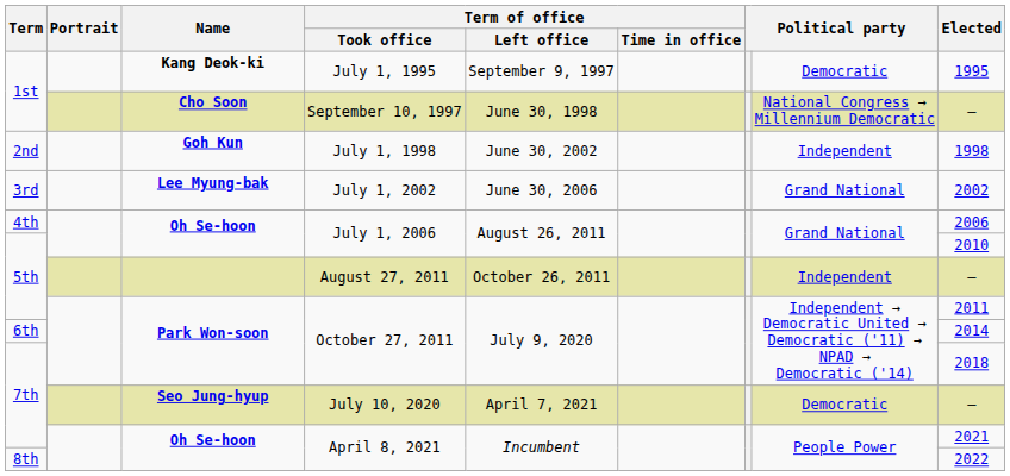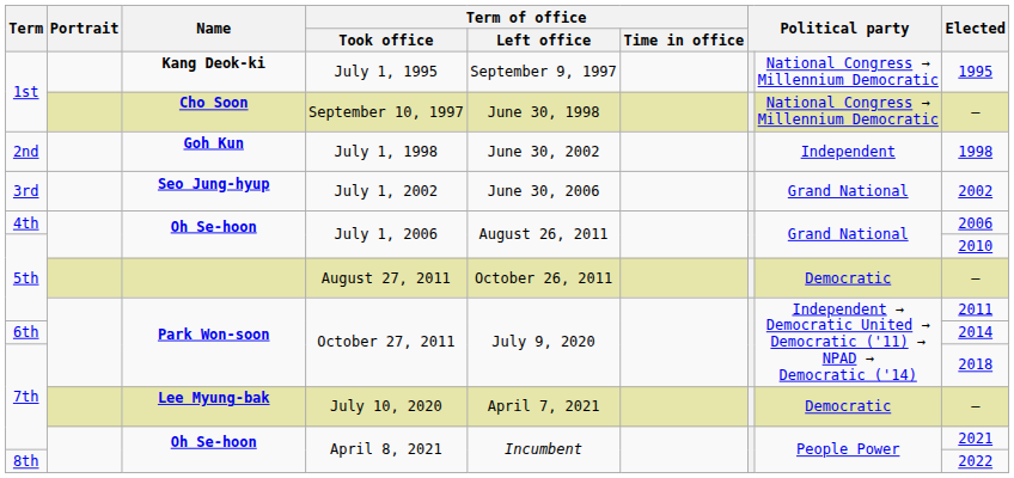 <table class="wikitable" style="text-align:center">
 <tr>
 <th rowspan="2">Term</th>
 <th rowspan="2">Portrait</th>
 <th rowspan="2" width="160">Name<br></th>
 <th colspan="3">Term of office</th>
 <th colspan="2" rowspan="2">Political party</th>
 <th rowspan="2">Elected</th>
 </tr>
 <tr>
 <th>Took office</th>
 <th>Left office</th>
 <th>Time in office</th>
 </tr>
 <tr>
 <td rowspan="2"><a href='#'>1st</a></td>
 <td></td>
 <td><strong>Kang Deok-ki</strong><br><br></td>
 <td>July 1, 1995</td>
 <td>September 9, 1997</td>
 <td></td>
 <th style="background:"></th>
-<td><a href='#'>Democratic</a></td>
+<td><a href='#'>National Congress</a> →<br><a href='#'>Millennium Democratic</a></td>
 <td><a href='#'>1995</a></td>
 </tr>
 <tr style="background:#E6E6AA;">
 <td></td>
 <td><strong><a href='#'>Cho Soon</a></strong><br><br></td>
 <td>September 10, 1997</td>
 <td>June 30, 1998</td>
 <td></td>
 <th style="background:"></th>
 <td><a href='#'>National Congress</a> →<br><a href='#'>Millennium Democratic</a></td>
 <td>—</td>
 </tr>
 <tr>
 <td><a href='#'>2nd</a></td>
 <td></td>
 <td><strong><a href='#'>Goh Kun</a></strong><br><br></td>
 <td>July 1, 1998</td>
 <td>June 30, 2002</td>
 <td></td>
 <th style="background:"></th>
 <td><a href='#'>Independent</a></td>
 <td><a href='#'>1998</a></td>
 </tr>
 <tr>
 <td><a href='#'>3rd</a></td>
 <td></td>
-<td><strong><a href='#'>Lee Myung-bak</a></strong><br><br></td>
+<td><strong><a href='#'>Seo Jung-hyup</a></strong><br><br></td>
 <td>July 1, 2002</td>
 <td>June 30, 2006</td>
 <td></td>
 <th style="background:"></th>
 <td><a href='#'>Grand National</a></td>
 <td><a href='#'>2002</a></td>
 </tr>
 <tr>
 <td><a href='#'>4th</a></td>
 <td rowspan="2"></td>
 <td rowspan="2"><strong><a href='#'>Oh Se-hoon</a></strong><br><br></td>
 <td rowspan="2">July 1, 2006</td>
 <td rowspan="2">August 26, 2011</td>
 <td rowspan="2"></td>
 <th rowspan="2" style="background:"></th>
 <td rowspan="2"><a href='#'>Grand National</a></td>
 <td><a href='#'>2006</a></td>
 </tr>
 <tr>
 <td rowspan="3"><a href='#'>5th</a></td>
 <td><a href='#'>2010</a></td>
 </tr>
 <tr style="background:#E6E6AA;">
 <td></td>
 <td><strong></strong><br><br></td>
 <td>August 27, 2011</td>
 <td>October 26, 2011</td>
 <td></td>
 <th style="background:"></th>
-<td><a href='#'>Independent</a></td>
+<td><a href='#'>Democratic</a></td>
 <td>—</td>
 </tr>
 <tr>
 <td rowspan="3"></td>
 <td rowspan="3"><strong><a href='#'>Park Won-soon</a></strong><br><br></td>
 <td rowspan="3">October 27, 2011</td>
 <td rowspan="3">July 9, 2020</td>
 <td rowspan="3"></td>
 <th rowspan="3" style="background:"></th>
 <td rowspan="3"><a href='#'>Independent</a> →<br><a href='#'>Democratic United</a> →<br><a href='#'>Democratic ('11)</a> →<br><a href='#'>NPAD</a> →<br><a href='#'>Democratic ('14)</a></td>
 <td><a href='#'>2011 </a></td>
 </tr>
 <tr>
 <td><a href='#'>6th</a></td>
 <td><a href='#'>2014</a></td>
 </tr>
 <tr>
 <td rowspan="3"><a href='#'>7th</a></td>
 <td><a href='#'>2018</a></td>
 </tr>
 <tr style="background:#E6E6AA;">
 <td></td>
-<td><strong><a href='#'>Seo Jung-hyup</a></strong><br><br></td>
+<td><strong><a href='#'>Lee Myung-bak</a></strong><br><br></td>
 <td>July 10, 2020</td>
 <td>April 7, 2021</td>
 <td></td>
 <th style="background:"></th>
 <td><a href='#'>Democratic</a></td>
 <td>—</td>
 </tr>
 <tr>
 <td rowspan="2"></td>
 <td rowspan="2"><strong><a href='#'>Oh Se-hoon</a></strong><br><br></td>
 <td rowspan="2">April 8, 2021</td>
 <td rowspan="2"><em>Incumbent</em></td>
 <td rowspan="2"></td>
 <th rowspan="2" style="background:"></th>
 <td rowspan="2"><a href='#'>People Power</a></td>
 <td><a href='#'>2021 </a></td>
 </tr>
 <tr>
 <td><a href='#'>8th</a></td>
 <td><a href='#'>2022</a></td>
 </tr>
 </table>
